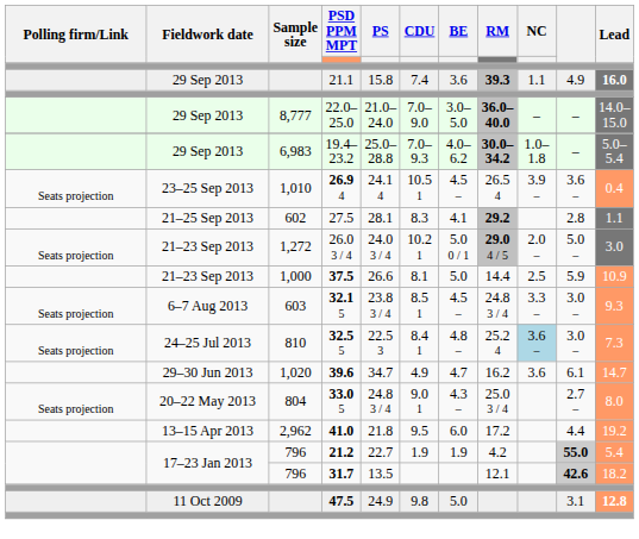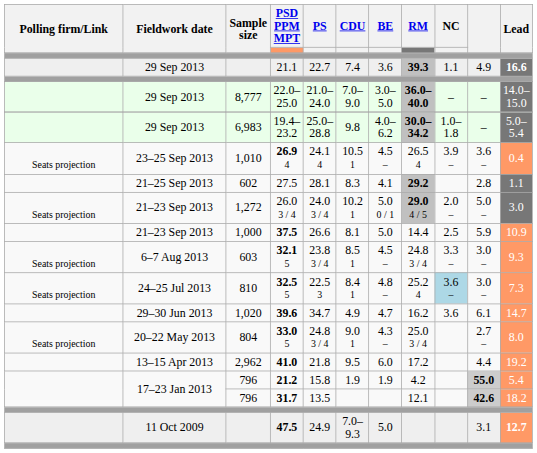 <table class="wikitable collapsible sortable" style="text-align:center; font-size:95%; line-height:16px;">
 <tr style="height:42px;">
 <th style="width:145px;" rowspan="2">Polling firm/Link</th>
 <th style="width:125px;" rowspan="2">Fieldwork date</th>
 <th class="unsortable" style="width:50px;" rowspan="2">Sample size</th>
 <th class="unsortable" style="width:35px;"><a href='#'>PSD</a><br><a href='#'>PPM</a><br><a href='#'>MPT</a></th>
 <th class="unsortable" style="width:35px;"><a href='#'>PS</a></th>
 <th class="unsortable" style="width:35px;"><a href='#'>CDU</a></th>
 <th class="unsortable" style="width:35px;"><a href='#'>BE</a></th>
 <th class="unsortable" style="width:35px;"><a href='#'>RM</a></th>
 <th class="unsortable" style="width:35px;">NC</th>
 <th class="unsortable" style="width:35px;" rowspan="2"></th>
 <th class="unsortable" style="width:30px;" rowspan="2">Lead</th>
 </tr>
 <tr>
 <th class="unsortable" style="color:inherit;background:#ff9966;"></th>
 <th class="unsortable" style="color:inherit;background:"></th>
 <th class="unsortable" style="color:inherit;background:"></th>
 <th class="unsortable" style="color:inherit;background:"></th>
 <th class="unsortable" style="color:inherit;background:#777777;"></th>
 <th class="unsortable" style="color:inherit;background:"></th>
 </tr>
 <tr>
 <td colspan="12" style="background:#A0A0A0"></td>
 </tr>
 <tr style="background:#EFEFEF;">
 <td><strong></strong></td>
 <td data-sort-value="2019-10-06">29 Sep 2013</td>
 <td></td>
 <td>21.1<br></td>
-<td align="center">15.8</td>
+<td>22.7<br></td>
 <td>7.4<br></td>
 <td>3.6<br></td>
 <td style="background:#C0C0C0"><strong>39.3</strong><br></td>
 <td>1.1<br></td>
 <td>4.9<br></td>
-<td style="background:#777777; color:white;"><strong>16.0</strong></td>
+<td style="background:#777777; color:white;"><strong>16.6</strong></td>
 </tr>
 <tr>
 <td colspan="12" style="background:#A0A0A0"></td>
 </tr>
 <tr>
 </tr>
 <tr style="background:#EAFFEA"|>
 <td></td>
 <td data-sort-value="2019-10-06">29 Sep 2013</td>
 <td>8,777</td>
 <td>22.0–<br>25.0<br></td>
 <td>21.0–<br>24.0<br></td>
 <td>7.0–<br>9.0<br></td>
 <td>3.0–<br>5.0<br></td>
 <td style="background:#C0C0C0"><strong>36.0–<br>40.0</strong><br></td>
 <td>–</td>
 <td>–</td>
 <td style="background:#777777; color:white;">14.0–<br>15.0</td>
 </tr>
 <tr>
 </tr>
 <tr style="background:#EAFFEA"|>
 <td></td>
 <td data-sort-value="2019-10-06">29 Sep 2013</td>
 <td>6,983</td>
 <td>19.4–<br>23.2<br></td>
 <td>25.0–<br>28.8<br></td>
-<td>7.0–<br>9.3<br></td>
+<td>9.8<br></td>
 <td>4.0–<br>6.2<br></td>
 <td style="background:#C0C0C0"><strong>30.0–<br>34.2</strong><br></td>
 <td>1.0–<br>1.8<br></td>
 <td>–</td>
 <td style="background:#777777; color:white;">5.0–<br>5.4</td>
 </tr>
 <tr>
 <td align="center"><br><small>Seats projection</small></td>
 <td align="center">23–25 Sep 2013</td>
 <td>1,010</td>
 <td align="center" ><strong>26.9</strong><br><small>4 </small></td>
 <td align="center">24.1<br><small>4 </small></td>
 <td align="center">10.5<br><small>1 </small></td>
 <td align="center">4.5<br><small> – </small></td>
 <td align="center">26.5<br><small>4 </small></td>
 <td align="center">3.9<br><small> – </small></td>
 <td align="center">3.6<br><small> – </small></td>
 <td style="background:#ff9966; color:white;">0.4</td>
 </tr>
 <tr>
 <td align="center"></td>
 <td align="center">21–25 Sep 2013</td>
 <td>602</td>
 <td align="center">27.5</td>
 <td align="center">28.1</td>
 <td align="center">8.3</td>
 <td align="center">4.1</td>
 <td align="center" style="background:#C0C0C0"><strong>29.2</strong></td>
 <td></td>
 <td align="center">2.8</td>
 <td style="background:#777777;; color:white;">1.1</td>
 </tr>
 <tr>
 <td align="center"><br><small>Seats projection</small></td>
 <td align="center">21–23 Sep 2013</td>
 <td>1,272</td>
 <td align="center">26.0<br><small>3 / 4 </small></td>
 <td align="center">24.0<br><small>3 / 4 </small></td>
 <td align="center">10.2<br><small>1 </small></td>
 <td align="center">5.0<br><small> 0 / 1 </small></td>
 <td align="center" style="background:#C0C0C0"><strong>29.0</strong><br><small>4 / 5 </small></td>
 <td align="center">2.0<br><small> – </small></td>
 <td align="center">5.0<br><small> – </small></td>
 <td style="background:#777777;; color:white;">3.0</td>
 </tr>
 <tr>
 <td align="center"></td>
 <td align="center">21–23 Sep 2013</td>
 <td>1,000</td>
 <td align="center" ><strong>37.5</strong></td>
 <td align="center">26.6</td>
 <td align="center">8.1</td>
 <td align="center">5.0</td>
 <td align="center">14.4</td>
 <td align="center">2.5</td>
 <td align="center">5.9</td>
 <td style="background:#ff9966; color:white;">10.9</td>
 </tr>
 <tr>
 <td align="center"><br><small>Seats projection</small></td>
 <td align="center">6–7 Aug 2013</td>
 <td>603</td>
 <td align="center" ><strong>32.1</strong><br><small>5 </small></td>
 <td align="center">23.8<br><small>3 / 4 </small></td>
 <td align="center">8.5<br><small>1 </small></td>
 <td align="center">4.5<br><small> – </small></td>
 <td align="center">24.8<br><small>3 / 4 </small></td>
 <td align="center">3.3<br><small> – </small></td>
 <td align="center">3.0<br><small> – </small></td>
 <td style="background:#ff9966; color:white;">9.3</td>
 </tr>
 <tr>
 <td align="center"><br><small>Seats projection</small></td>
 <td align="center">24–25 Jul 2013</td>
 <td>810</td>
 <td align="center" ><strong>32.5</strong><br><small>5 </small></td>
 <td align="center">22.5<br><small>3 </small></td>
 <td align="center">8.4<br><small>1 </small></td>
 <td align="center">4.8<br><small> – </small></td>
 <td align="center">25.2<br><small>4 </small></td>
 <td align="center" style="background: lightblue;">3.6<br><small> – </small></td>
 <td align="center">3.0<br><small> – </small></td>
 <td style="background:#ff9966; color:white;">7.3</td>
 </tr>
 <tr>
 <td align="center"></td>
 <td align="center">29–30 Jun 2013</td>
 <td>1,020</td>
 <td align="center" ><strong>39.6</strong></td>
 <td>34.7<br></td>
 <td align="center">4.9</td>
 <td align="center">4.7</td>
 <td align="center">16.2</td>
 <td align="center">3.6</td>
 <td align="center">6.1</td>
 <td style="background:#ff9966; color:white;">14.7</td>
 </tr>
 <tr>
 <td align="center"><br><small>Seats projection</small></td>
 <td align="center">20–22 May 2013</td>
 <td>804</td>
 <td align="center" ><strong>33.0</strong><br><small>5 </small></td>
 <td align="center">24.8<br><small>3 / 4 </small></td>
 <td align="center">9.0<br><small> 1  </small></td>
 <td align="center">4.3<br><small> – </small></td>
 <td align="center">25.0<br><small>3 / 4 </small></td>
 <td></td>
 <td align="center">2.7<br><small> – </small></td>
 <td style="background:#ff9966; color:white;">8.0</td>
 </tr>
 <tr>
 <td align="center"></td>
 <td align="center">13–15 Apr 2013</td>
 <td>2,962</td>
 <td align="center" ><strong>41.0</strong></td>
 <td align="center">21.8</td>
 <td align="center">9.5</td>
 <td align="center">6.0</td>
 <td align="center">17.2</td>
 <td></td>
 <td align="center">4.4</td>
 <td style="background:#ff9966; color:white;">19.2</td>
 </tr>
 <tr>
 <td rowspan="2" align="center"></td>
 <td rowspan="2" align="center">17–23 Jan 2013</td>
 <td>796</td>
 <td align="center" ><strong>21.2</strong></td>
-<td>22.7<br></td>
+<td align="center">15.8</td>
 <td align="center">1.9</td>
 <td align="center">1.9</td>
 <td align="center">4.2</td>
 <td></td>
 <td align="center" style="background:#cccccc"><strong>55.0</strong></td>
 <td style="background:#ff9966; color:white;">5.4</td>
 </tr>
 <tr>
 <td>796</td>
 <td align="center" ><strong>31.7</strong></td>
 <td align="center">13.5</td>
 <td></td>
 <td></td>
 <td align="center">12.1</td>
 <td></td>
 <td align="center" style="background:#cccccc"><strong>42.6</strong></td>
 <td style="background:#ff9966; color:white;">18.2</td>
 </tr>
 <tr>
 <td colspan="13" style="background:#A0A0A0"></td>
 </tr>
 <tr style="background:#EFEFEF;">
 <td><strong></strong></td>
 <td data-sort-value="2019-10-06">11 Oct 2009</td>
 <td></td>
 <td><strong>47.5</strong><br></td>
 <td align="center">24.9</td>
-<td>9.8<br></td>
+<td>7.0–<br>9.3<br></td>
 <td>5.0<br></td>
 <td></td>
 <td></td>
 <td>3.1<br></td>
-<td style="background:#ff9966; color:white;"><strong>12.8</strong></td>
+<td style="background:#ff9966; color:white;"><strong>12.7</strong></td>
 </tr>
 <tr>
 <td colspan="13" style="background:#A0A0A0"></td>
 </tr>
 </table>
